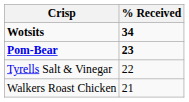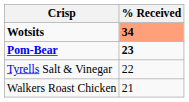 <table class="wikitable">
 <tr>
 <th>Crisp</th>
 <th>% Received</th>
 </tr>
 <tr>
 <td><strong>Wotsits</strong></td>
-<td><strong>34</strong></td>
+<td style="background: lightsalmon;"><strong>34</strong></td>
 </tr>
 <tr>
 <td><strong><a href='#'>Pom-Bear</a></strong></td>
 <td><strong>23</strong></td>
 </tr>
 <tr>
 <td><a href='#'>Tyrells</a> Salt & Vinegar</td>
 <td>22</td>
 </tr>
 <tr>
 <td>Walkers Roast Chicken</td>
 <td>21</td>
 </tr>
 </table>
